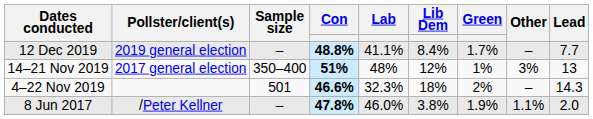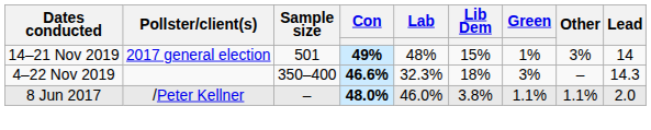 <table class="wikitable sortable mw-datatable" style="text-align:center;line-height:14px;">
 <tr>
 <th rowspan="2">Dates<br>conducted</th>
 <th rowspan="2">Pollster/client(s)</th>
 <th rowspan="2" data-sort-type="number">Sample<br>size</th>
 <th class="unsortable" style="width:50px;"><a href='#'>Con</a></th>
 <th class="unsortable" style="width:50px;"><a href='#'>Lab</a></th>
 <th class="unsortable" style="width:50px;"><a href='#'>Lib Dem</a></th>
 <th class="unsortable" style="width:50px;"><a href='#'>Green</a></th>
 <th rowspan="2" class="unsortable">Other</th>
 <th rowspan="2" data-sort-type="number">Lead</th>
 </tr>
 <tr>
 <th data-sort-type="number" style="background:"></th>
 <th data-sort-type="number" style="background:"></th>
 <th data-sort-type="number" style="background:"></th>
 <th data-sort-type="number" style="background:"></th>
 </tr>
-<tr style="background:#E9E9E9;">
-<td data-sort-value="2017-06-08">12 Dec 2019</td>
-<td><a href='#'>2019 general election</a></td>
-<td>–</td>
-<td style="background:#CCEBFF;"><strong>48.8%</strong></td>
-<td>41.1%</td>
-<td>8.4%</td>
-<td>1.7%</td>
-<td>–</td>
-<td style="background:">7.7</td>
-</tr>
 <tr>
 <td data-sort-value="2019-10-21">14–21 Nov 2019</td>
 <td><a href='#'>2017 general election</a></td>
-<td>350–400</td>
-<td style="background:#CCEBFF;"><strong>51%</strong></td>
+<td>501</td>
+<td style="background:#CCEBFF;"><strong>49%</strong></td>
 <td>48%</td>
-<td>12%</td>
+<td>15%</td>
 <td>1%</td>
 <td>3%</td>
-<td style="background:">13</td>
+<td style="background:">14</td>
 </tr>
 <tr>
 <td data-sort-value="2019-10-21">4–22 Nov 2019</td>
 <td></td>
-<td>501</td>
+<td>350–400</td>
 <td style="background:#CCEBFF;"><strong>46.6%</strong></td>
 <td>32.3%</td>
 <td>18%</td>
-<td>2%</td>
+<td>3%</td>
 <td>–</td>
 <td style="background:">14.3</td>
 </tr>
 <tr style="background:#E9E9E9;">
 <td data-sort-value="2017-06-08">8 Jun 2017</td>
 <td>/<a href='#'>Peter Kellner</a></td>
 <td>–</td>
-<td style="background:#CCEBFF;"><strong>47.8%</strong></td>
+<td style="background:#CCEBFF;"><strong>48.0%</strong></td>
 <td>46.0%</td>
 <td>3.8%</td>
-<td>1.9%</td>
+<td>1.1%</td>
 <td>1.1%</td>
 <td style="background:">2.0</td>
 </tr>
 </table>
